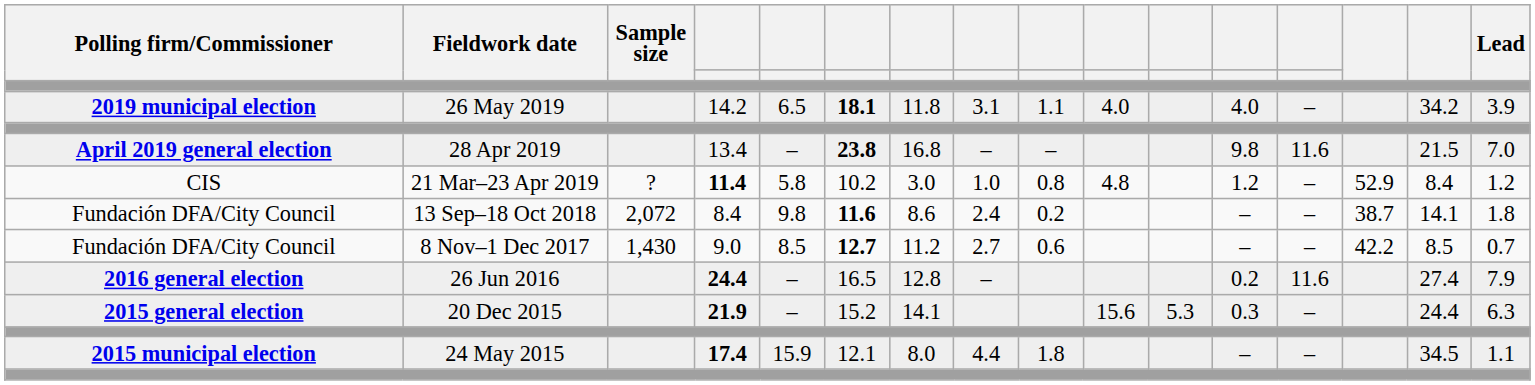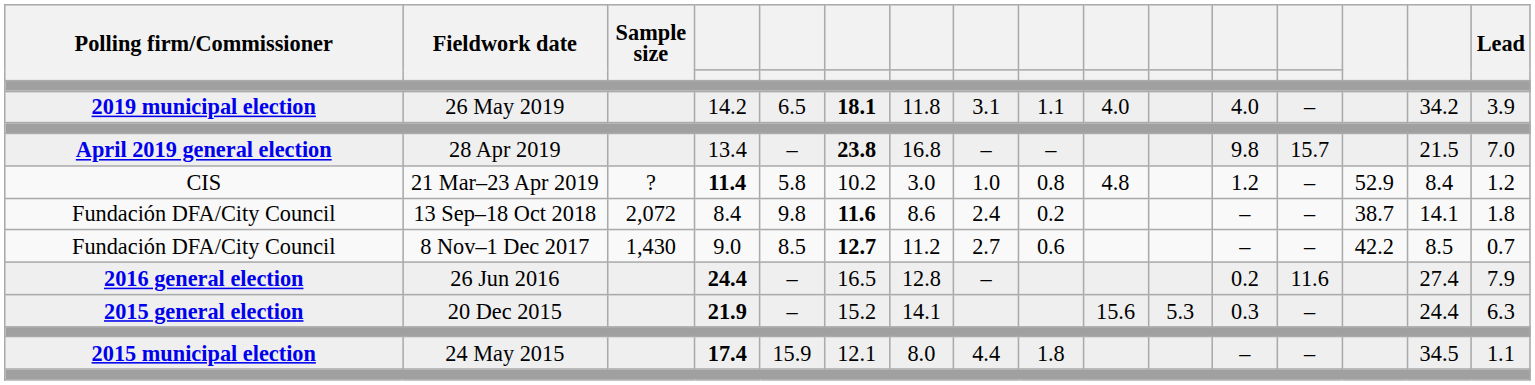 <table class="wikitable collapsible collapsed" style="text-align:center; font-size:90%; line-height:14px;">
 <tr style="height:42px;">
 <th style="width:250px;" rowspan="2">Polling firm/Commissioner</th>
 <th style="width:125px;" rowspan="2">Fieldwork date</th>
 <th style="width:50px;" rowspan="2">Sample size</th>
 <th style="width:35px;"></th>
 <th style="width:35px;"></th>
 <th style="width:35px;"></th>
 <th style="width:35px;"></th>
 <th style="width:35px;"></th>
 <th style="width:35px;"></th>
 <th style="width:35px;"></th>
 <th style="width:35px;"></th>
 <th style="width:35px;"></th>
 <th style="width:35px;"></th>
 <th style="width:35px;" rowspan="2"></th>
 <th style="width:35px;" rowspan="2"></th>
 <th style="width:30px;" rowspan="2">Lead</th>
 </tr>
 <tr>
 <th style="color:inherit;background:"></th>
 <th style="color:inherit;background:"></th>
 <th style="color:inherit;background:"></th>
 <th style="color:inherit;background:"></th>
 <th style="color:inherit;background:"></th>
 <th style="color:inherit;background:"></th>
 <th style="color:inherit;background:"></th>
 <th style="color:inherit;background:"></th>
 <th style="color:inherit;background:"></th>
 <th style="color:inherit;background:"></th>
 </tr>
 <tr>
 <td colspan="16" style="background:#A0A0A0"></td>
 </tr>
 <tr style="background:#EFEFEF;">
 <td><strong><a href='#'>2019 municipal election</a></strong></td>
 <td>26 May 2019</td>
 <td></td>
 <td>14.2</td>
 <td>6.5</td>
 <td><strong>18.1</strong></td>
 <td>11.8</td>
 <td>3.1</td>
 <td>1.1</td>
 <td>4.0</td>
 <td></td>
 <td>4.0</td>
 <td>–</td>
 <td></td>
 <td>34.2</td>
 <td style="background:">3.9</td>
 </tr>
 <tr>
 <td colspan="16" style="background:#A0A0A0"></td>
 </tr>
 <tr style="background:#EFEFEF;">
 <td><strong><a href='#'>April 2019 general election</a></strong></td>
 <td>28 Apr 2019</td>
 <td></td>
 <td>13.4</td>
 <td>–</td>
 <td><strong>23.8</strong></td>
 <td>16.8</td>
 <td>–</td>
 <td>–</td>
 <td></td>
 <td></td>
 <td>9.8</td>
-<td>11.6</td>
+<td>15.7</td>
 <td></td>
 <td>21.5</td>
 <td style="background:">7.0</td>
 </tr>
 <tr>
 <td>CIS</td>
 <td>21 Mar–23 Apr 2019</td>
 <td>?</td>
 <td><strong>11.4</strong></td>
 <td>5.8</td>
 <td>10.2</td>
 <td>3.0</td>
 <td>1.0</td>
 <td>0.8</td>
 <td>4.8</td>
 <td></td>
 <td>1.2</td>
 <td>–</td>
 <td>52.9</td>
 <td>8.4</td>
 <td style="background:">1.2</td>
 </tr>
 <tr>
 <td>Fundación DFA/City Council</td>
 <td>13 Sep–18 Oct 2018</td>
 <td>2,072</td>
 <td>8.4</td>
 <td>9.8</td>
 <td><strong>11.6</strong></td>
 <td>8.6</td>
 <td>2.4</td>
 <td>0.2</td>
 <td></td>
 <td></td>
 <td>–</td>
 <td>–</td>
 <td>38.7</td>
 <td>14.1</td>
 <td style="background:">1.8</td>
 </tr>
 <tr>
 <td>Fundación DFA/City Council</td>
 <td>8 Nov–1 Dec 2017</td>
 <td>1,430</td>
 <td>9.0</td>
 <td>8.5</td>
 <td><strong>12.7</strong></td>
 <td>11.2</td>
 <td>2.7</td>
 <td>0.6</td>
 <td></td>
 <td></td>
 <td>–</td>
 <td>–</td>
 <td>42.2</td>
 <td>8.5</td>
 <td style="background:">0.7</td>
 </tr>
 <tr style="background:#EFEFEF;">
 <td><strong><a href='#'>2016 general election</a></strong></td>
 <td>26 Jun 2016</td>
 <td></td>
 <td><strong>24.4</strong></td>
 <td>–</td>
 <td>16.5</td>
 <td>12.8</td>
 <td>–</td>
 <td></td>
 <td></td>
 <td></td>
 <td>0.2</td>
 <td>11.6</td>
 <td></td>
 <td>27.4</td>
 <td style="background:">7.9</td>
 </tr>
 <tr style="background:#EFEFEF;">
 <td><strong><a href='#'>2015 general election</a></strong></td>
 <td>20 Dec 2015</td>
 <td></td>
 <td><strong>21.9</strong></td>
 <td>–</td>
 <td>15.2</td>
 <td>14.1</td>
 <td></td>
 <td></td>
 <td>15.6</td>
 <td>5.3</td>
 <td>0.3</td>
 <td>–</td>
 <td></td>
 <td>24.4</td>
 <td style="background:">6.3</td>
 </tr>
 <tr>
 <td colspan="16" style="background:#A0A0A0"></td>
 </tr>
 <tr style="background:#EFEFEF;">
 <td><strong><a href='#'>2015 municipal election</a></strong></td>
 <td>24 May 2015</td>
 <td></td>
 <td><strong>17.4</strong></td>
 <td>15.9</td>
 <td>12.1</td>
 <td>8.0</td>
 <td>4.4</td>
 <td>1.8</td>
 <td></td>
 <td></td>
 <td>–</td>
 <td>–</td>
 <td></td>
 <td>34.5</td>
 <td style="background:">1.1</td>
 </tr>
 <tr>
 <td colspan="16" style="background:#A0A0A0"></td>
 </tr>
 </table>
